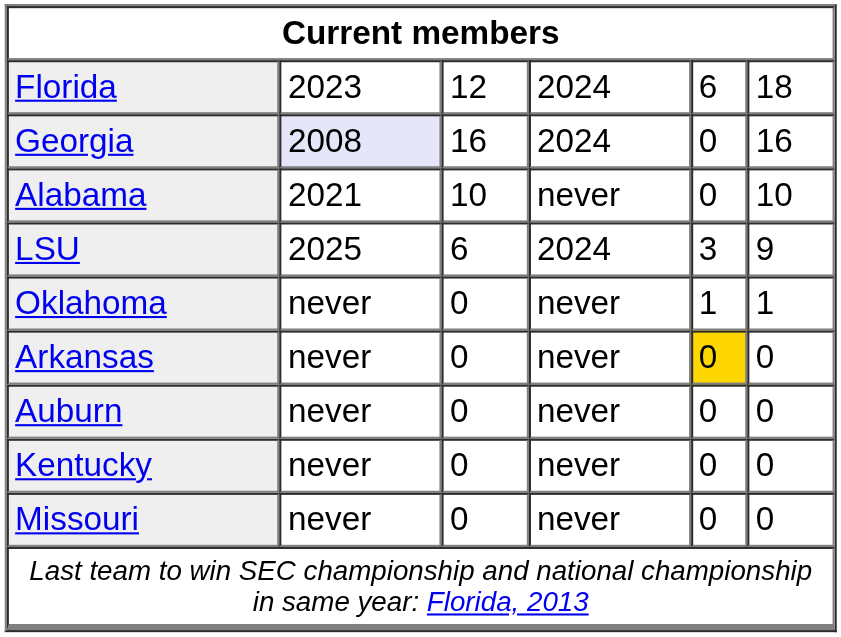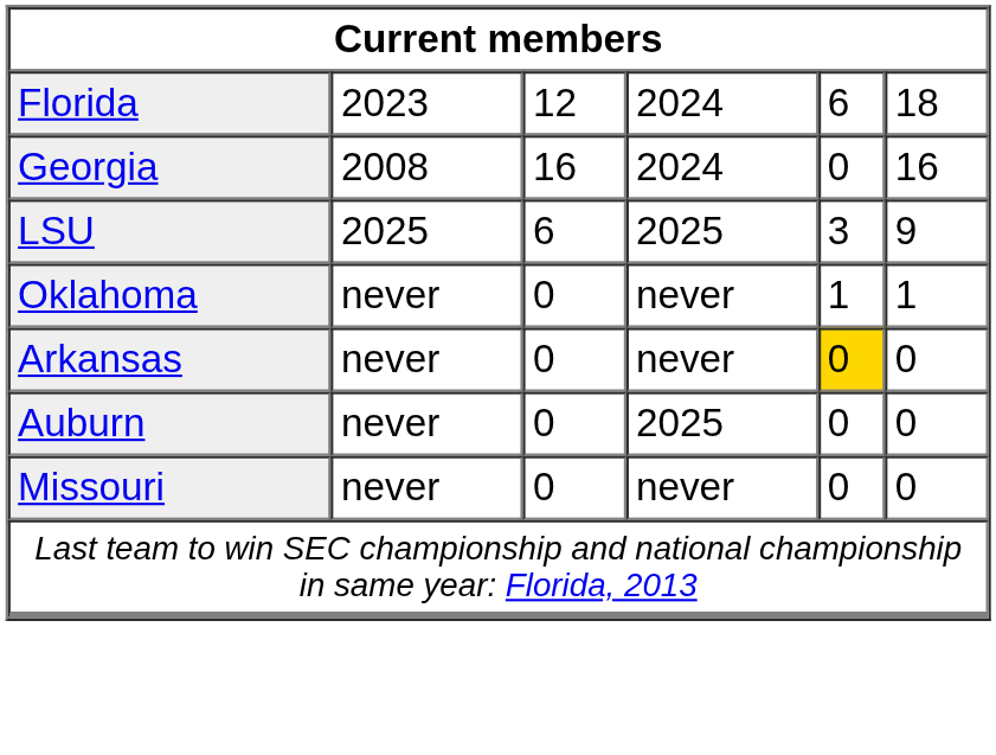 <table border="1" cellpadding="3" cellspacing="0" align="right" width="400px">
 <tr>
 </tr>
 <tr>
 <td colspan=6 align="center"><strong>Current members</strong></td>
 </tr>
 <tr>
 <td bgcolor="#efefef"><a href='#'>Florida</a></td>
 <td>2023</td>
 <td>12</td>
 <td>2024</td>
 <td>6</td>
 <td>18</td>
 </tr>
 <tr>
 <td bgcolor="#efefef"><a href='#'>Georgia</a></td>
-<td style="background: lavender;">2008</td>
+<td>2008</td>
 <td>16</td>
 <td>2024</td>
 <td>0</td>
 <td>16</td>
 </tr>
 <tr>
-<td bgcolor="#efefef"><a href='#'>Alabama</a></td>
-<td>2021</td>
-<td>10</td>
-<td>never</td>
-<td>0</td>
-<td>10</td>
-</tr>
-<tr>
 <td bgcolor="#efefef"><a href='#'>LSU</a></td>
 <td>2025</td>
 <td>6</td>
-<td>2024</td>
+<td>2025</td>
 <td>3</td>
 <td>9</td>
 </tr>
 <tr>
 <td bgcolor="#efefef"><a href='#'>Oklahoma</a></td>
 <td>never</td>
 <td>0</td>
 <td>never</td>
 <td>1</td>
 <td>1</td>
 </tr>
 <tr>
 <td bgcolor="#efefef"><a href='#'>Arkansas</a></td>
 <td>never</td>
 <td>0</td>
 <td>never</td>
 <td style="background: gold;">0</td>
 <td>0</td>
 </tr>
 <tr>
 <td bgcolor="#efefef"><a href='#'>Auburn</a></td>
 <td>never</td>
 <td>0</td>
-<td>never</td>
-<td>0</td>
-<td>0</td>
-</tr>
-<tr>
-<td bgcolor="#efefef"><a href='#'>Kentucky</a></td>
-<td>never</td>
-<td>0</td>
-<td>never</td>
+<td>2025</td>
 <td>0</td>
 <td>0</td>
 </tr>
 <tr>
 <td bgcolor="#efefef"><a href='#'>Missouri</a></td>
 <td>never</td>
 <td>0</td>
 <td>never</td>
 <td>0</td>
 <td>0</td>
 </tr>
 <tr>
 <td align="center" colspan=6 style="border-bottom:3px solid gray; font-size:smaller"><em>Last team to win SEC championship and national championship in same year: <a href='#'>Florida, 2013</a> </em></td>
 </tr>
 </table>
